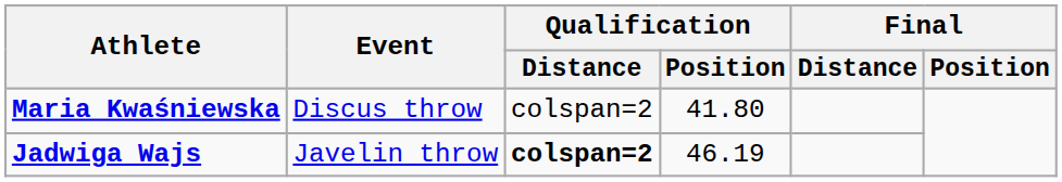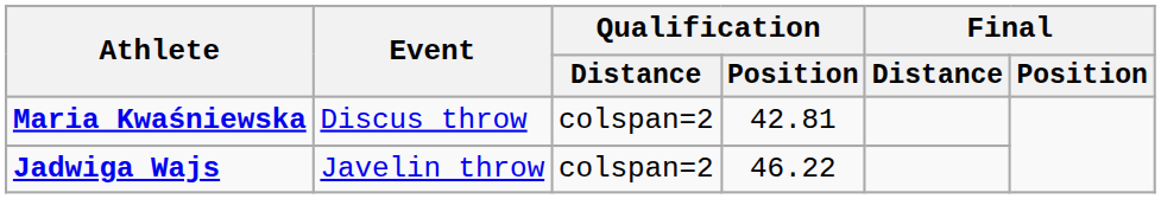 <table class=wikitable style="font-size:90%">
 <tr>
 <th rowspan="2">Athlete</th>
 <th rowspan="2">Event</th>
 <th colspan="2">Qualification</th>
 <th colspan="2">Final</th>
 </tr>
 <tr style="font-size:95%">
 <th>Distance</th>
 <th>Position</th>
 <th>Distance</th>
 <th>Position</th>
 </tr>
 <tr align=center>
 <td align=left><strong><a href='#'>Maria Kwaśniewska</a></strong></td>
 <td align=left><a href='#'>Discus throw</a></td>
 <td>colspan=2 </td>
-<td>41.80</td>
+<td>42.81</td>
 <td></td>
 </tr>
 <tr align=center>
 <td align=left><strong><a href='#'>Jadwiga Wajs</a></strong></td>
 <td align=left><a href='#'>Javelin throw</a></td>
-<td><strong>colspan=2 </strong></td>
-<td>46.19</td>
+<td>colspan=2 </td>
+<td>46.22</td>
 <td></td>
 </tr>
 </table>
